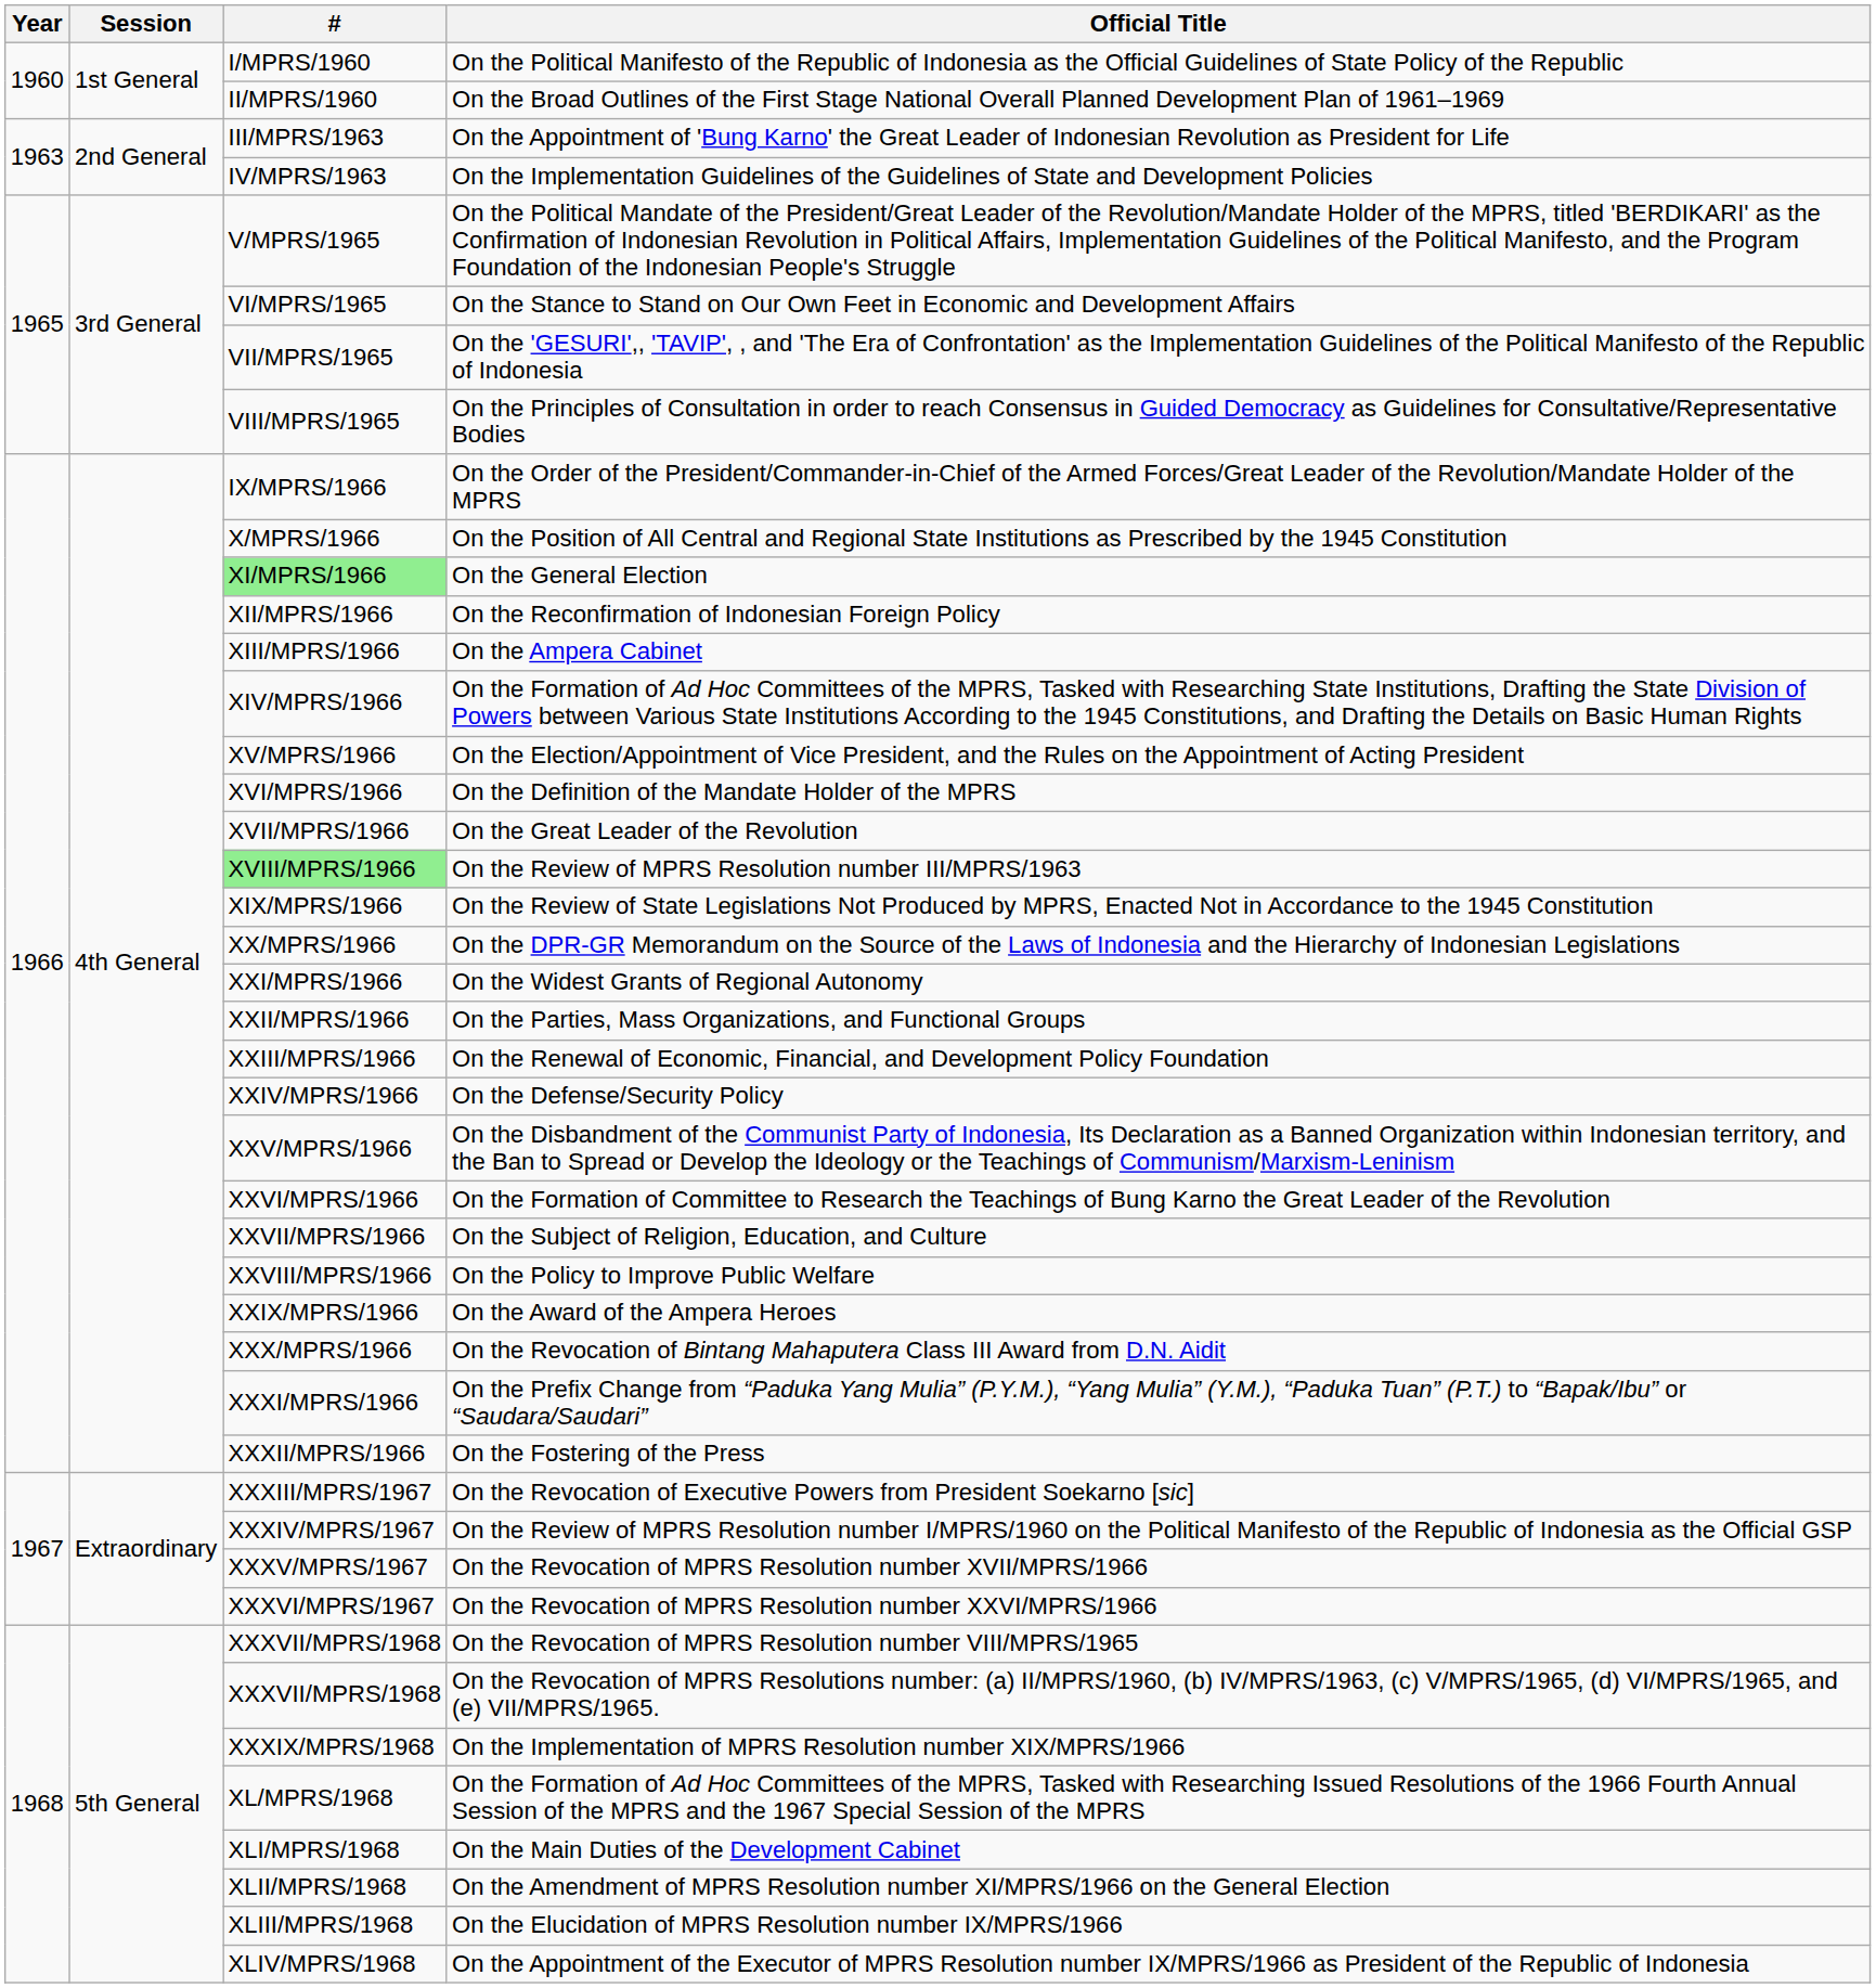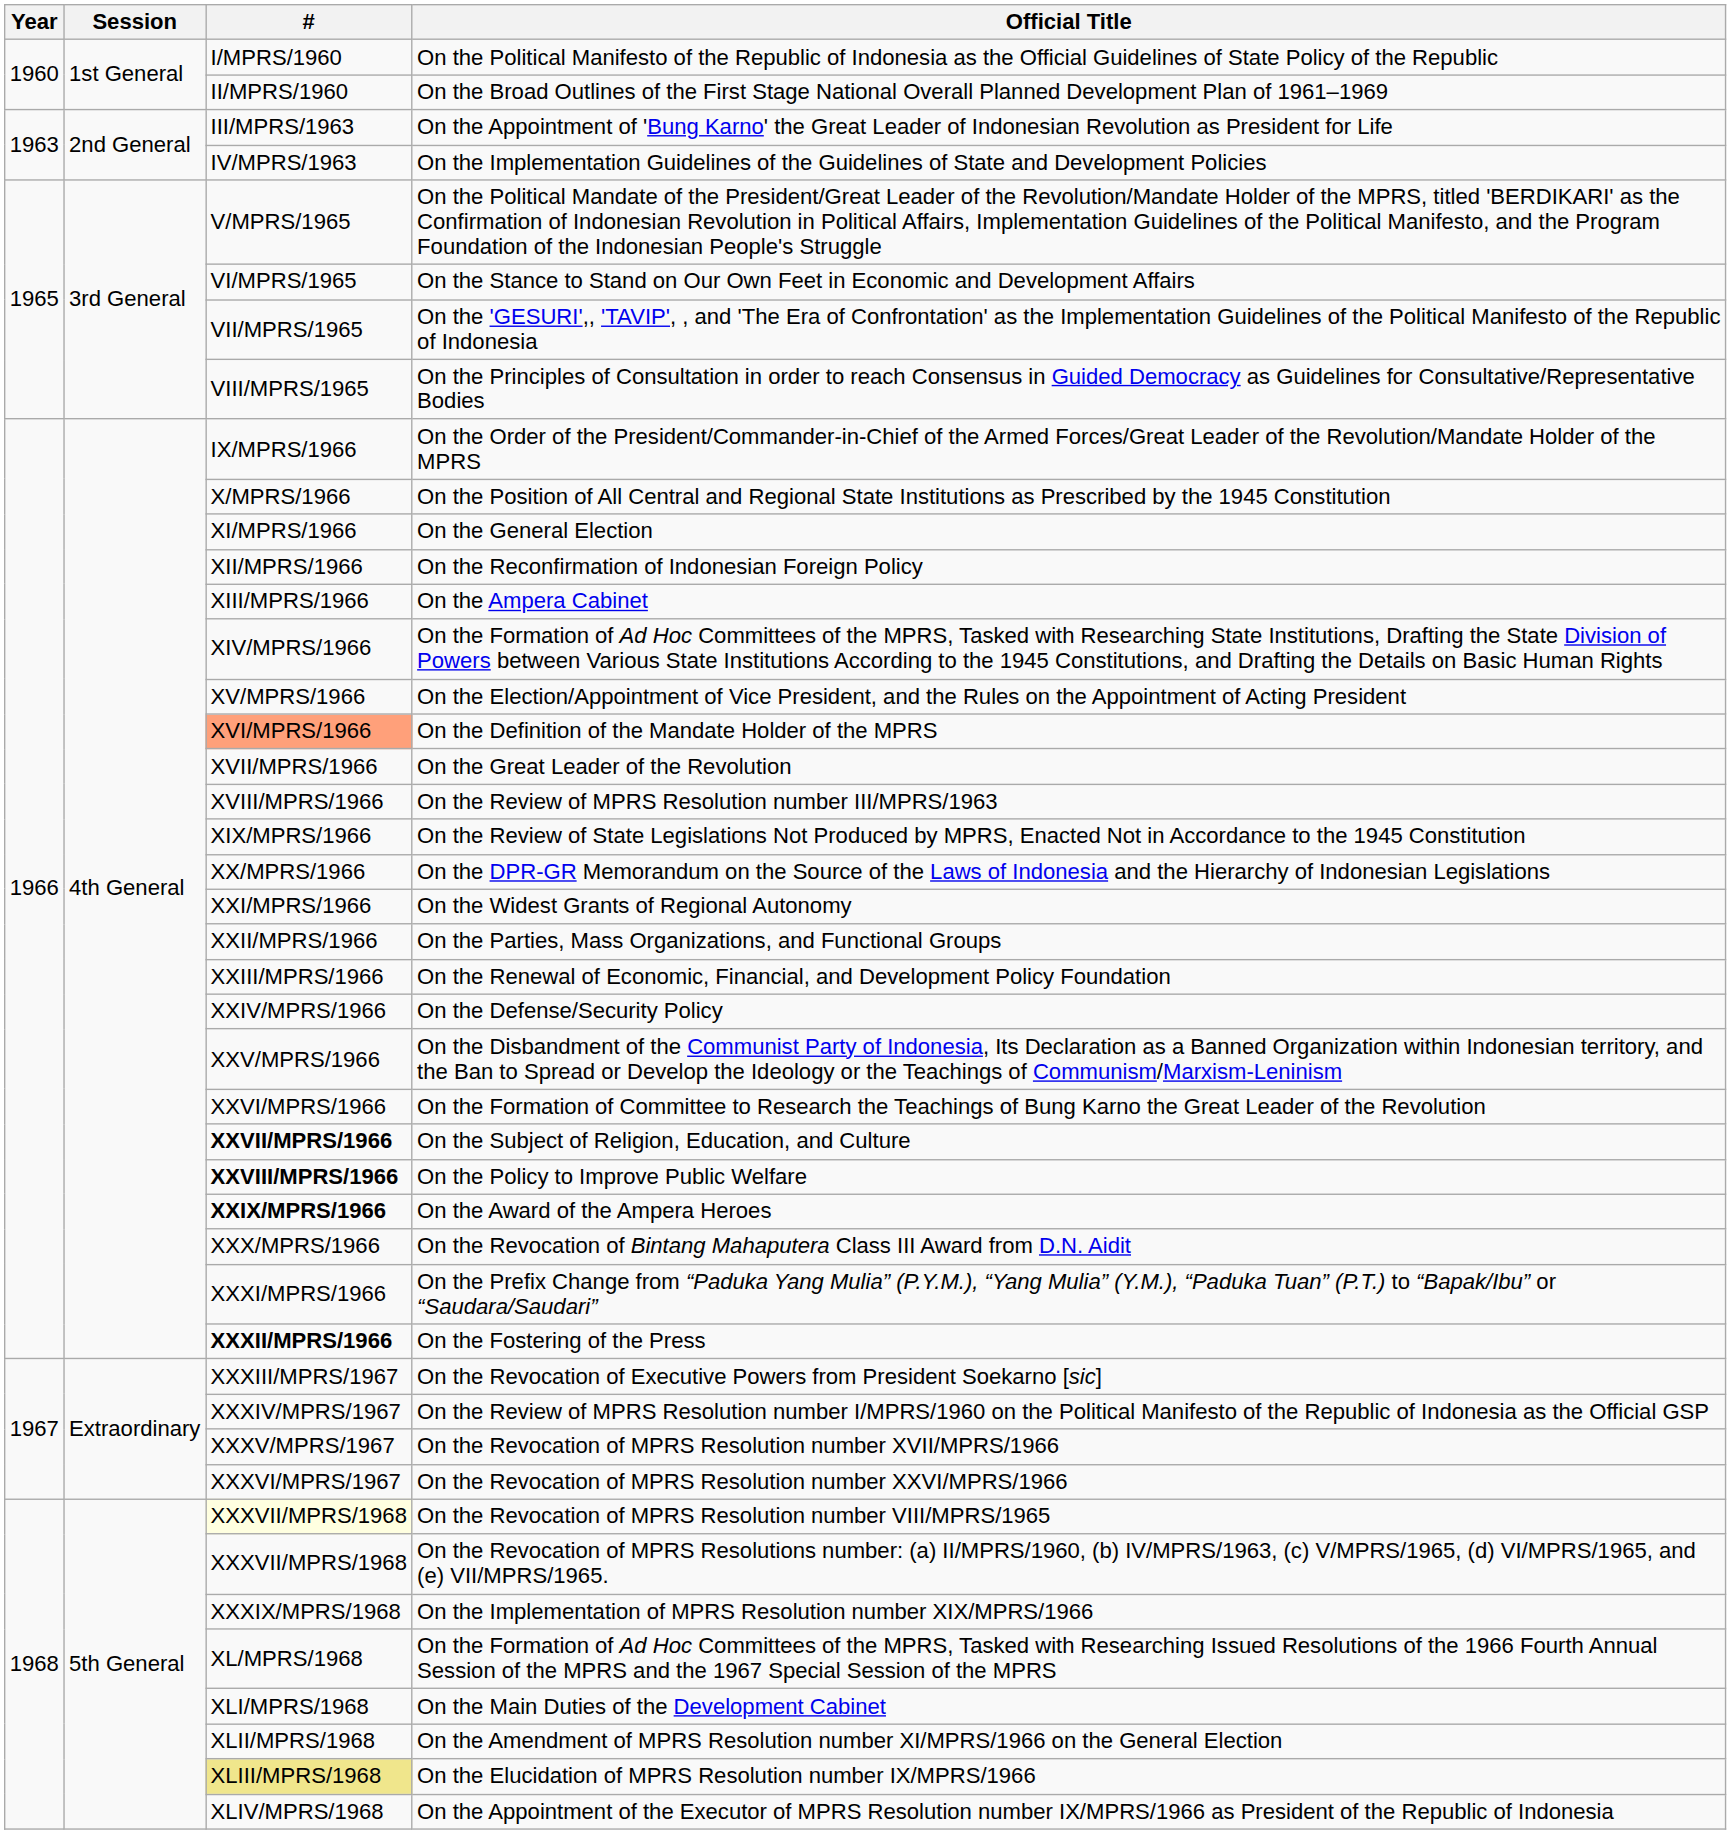 <table class="wikitable">
 <tr>
 <th>Year</th>
 <th>Session</th>
 <th>#</th>
 <th>Official Title</th>
 </tr>
 <tr>
 <td rowspan="2">1960</td>
 <td rowspan="2">1st General</td>
 <td>I/MPRS/1960</td>
 <td>On the Political Manifesto of the Republic of Indonesia as the Official Guidelines of State Policy of the Republic</td>
 </tr>
 <tr>
 <td>II/MPRS/1960</td>
 <td>On the Broad Outlines of the First Stage National Overall Planned Development Plan of 1961–1969</td>
 </tr>
 <tr>
 <td rowspan="2">1963</td>
 <td rowspan="2">2nd General</td>
 <td>III/MPRS/1963</td>
 <td>On the Appointment of '<a href='#'>Bung Karno</a>' the Great Leader of Indonesian Revolution as President for Life</td>
 </tr>
 <tr>
 <td>IV/MPRS/1963</td>
 <td>On the Implementation Guidelines of the Guidelines of State and Development Policies</td>
 </tr>
 <tr>
 <td rowspan="4">1965</td>
 <td rowspan="4">3rd General</td>
 <td>V/MPRS/1965</td>
 <td>On the Political Mandate of the President/Great Leader of the Revolution/Mandate Holder of the MPRS, titled 'BERDIKARI' as the Confirmation of Indonesian Revolution in Political Affairs, Implementation Guidelines of the Political Manifesto, and the Program Foundation of the Indonesian People's Struggle</td>
 </tr>
 <tr>
 <td>VI/MPRS/1965</td>
 <td>On the Stance to Stand on Our Own Feet in Economic and Development Affairs</td>
 </tr>
 <tr>
 <td>VII/MPRS/1965</td>
 <td>On the <a href='#'>'GESURI'</a>,, <a href='#'>'TAVIP'</a>, , and 'The Era of Confrontation' as the Implementation Guidelines of the Political Manifesto of the Republic of Indonesia</td>
 </tr>
 <tr>
 <td>VIII/MPRS/1965</td>
 <td>On the Principles of Consultation in order to reach Consensus in <a href='#'>Guided Democracy</a> as Guidelines for Consultative/Representative Bodies</td>
 </tr>
 <tr>
 <td rowspan="24">1966</td>
 <td rowspan="24">4th General</td>
 <td>IX/MPRS/1966</td>
 <td>On the Order of the President/Commander-in-Chief of the Armed Forces/Great Leader of the Revolution/Mandate Holder of the MPRS</td>
 </tr>
 <tr>
 <td>X/MPRS/1966</td>
 <td>On the Position of All Central and Regional State Institutions as Prescribed by the 1945 Constitution</td>
 </tr>
 <tr>
-<td style="background: lightgreen;">XI/MPRS/1966</td>
+<td>XI/MPRS/1966</td>
 <td>On the General Election</td>
 </tr>
 <tr>
 <td>XII/MPRS/1966</td>
 <td>On the Reconfirmation of Indonesian Foreign Policy</td>
 </tr>
 <tr>
 <td>XIII/MPRS/1966</td>
 <td>On the <a href='#'>Ampera Cabinet</a></td>
 </tr>
 <tr>
 <td>XIV/MPRS/1966</td>
 <td>On the Formation of <em>Ad Hoc</em> Committees of the MPRS, Tasked with Researching State Institutions, Drafting the State <a href='#'>Division of Powers</a> between Various State Institutions According to the 1945 Constitutions, and Drafting the Details on Basic Human Rights</td>
 </tr>
 <tr>
 <td>XV/MPRS/1966</td>
 <td>On the Election/Appointment of Vice President, and the Rules on the Appointment of Acting President</td>
 </tr>
 <tr>
-<td>XVI/MPRS/1966</td>
+<td style="background: lightsalmon;">XVI/MPRS/1966</td>
 <td>On the Definition of the Mandate Holder of the MPRS</td>
 </tr>
 <tr>
 <td>XVII/MPRS/1966</td>
 <td>On the Great Leader of the Revolution</td>
 </tr>
 <tr>
-<td style="background: lightgreen;">XVIII/MPRS/1966</td>
+<td>XVIII/MPRS/1966</td>
 <td>On the Review of MPRS Resolution number III/MPRS/1963</td>
 </tr>
 <tr>
 <td>XIX/MPRS/1966</td>
 <td>On the Review of State Legislations Not Produced by MPRS, Enacted Not in Accordance to the 1945 Constitution</td>
 </tr>
 <tr>
 <td>XX/MPRS/1966</td>
 <td>On the <a href='#'>DPR-GR</a> Memorandum on the Source of the <a href='#'>Laws of Indonesia</a> and the Hierarchy of Indonesian Legislations</td>
 </tr>
 <tr>
 <td>XXI/MPRS/1966</td>
 <td>On the Widest Grants of Regional Autonomy</td>
 </tr>
 <tr>
 <td>XXII/MPRS/1966</td>
 <td>On the Parties, Mass Organizations, and Functional Groups</td>
 </tr>
 <tr>
 <td>XXIII/MPRS/1966</td>
 <td>On the Renewal of Economic, Financial, and Development Policy Foundation</td>
 </tr>
 <tr>
 <td>XXIV/MPRS/1966</td>
 <td>On the Defense/Security Policy</td>
 </tr>
 <tr>
 <td>XXV/MPRS/1966</td>
 <td>On the Disbandment of the <a href='#'>Communist Party of Indonesia</a>, Its Declaration as a Banned Organization within Indonesian territory, and the Ban to Spread or Develop the Ideology or the Teachings of <a href='#'>Communism</a>/<a href='#'>Marxism-Leninism</a></td>
 </tr>
 <tr>
 <td>XXVI/MPRS/1966</td>
 <td>On the Formation of Committee to Research the Teachings of Bung Karno the Great Leader of the Revolution</td>
 </tr>
 <tr>
-<td>XXVII/MPRS/1966</td>
+<td><strong>XXVII/MPRS/1966</strong></td>
 <td>On the Subject of Religion, Education, and Culture</td>
 </tr>
 <tr>
-<td>XXVIII/MPRS/1966</td>
+<td><strong>XXVIII/MPRS/1966</strong></td>
 <td>On the Policy to Improve Public Welfare</td>
 </tr>
 <tr>
-<td>XXIX/MPRS/1966</td>
+<td><strong>XXIX/MPRS/1966</strong></td>
 <td>On the Award of the Ampera Heroes</td>
 </tr>
 <tr>
 <td>XXX/MPRS/1966</td>
 <td>On the Revocation of <em>Bintang Mahaputera</em> Class III Award from <a href='#'>D.N. Aidit</a></td>
 </tr>
 <tr>
 <td>XXXI/MPRS/1966</td>
 <td>On the Prefix Change from <em>“Paduka Yang Mulia” (P.Y.M.), “Yang Mulia” (Y.M.), “Paduka Tuan” (P.T.)</em> to <em>“Bapak/Ibu”</em> or <em>“Saudara/Saudari”</em></td>
 </tr>
 <tr>
-<td>XXXII/MPRS/1966</td>
+<td><strong>XXXII/MPRS/1966</strong></td>
 <td>On the Fostering of the Press</td>
 </tr>
 <tr>
 <td rowspan="4">1967</td>
 <td rowspan="4">Extraordinary</td>
 <td>XXXIII/MPRS/1967</td>
 <td>On the Revocation of Executive Powers from President Soekarno [<em>sic</em>]</td>
 </tr>
 <tr>
 <td>XXXIV/MPRS/1967</td>
 <td>On the Review of MPRS Resolution number I/MPRS/1960 on the Political Manifesto of the Republic of Indonesia as the Official GSP</td>
 </tr>
 <tr>
 <td>XXXV/MPRS/1967</td>
 <td>On the Revocation of MPRS Resolution number XVII/MPRS/1966</td>
 </tr>
 <tr>
 <td>XXXVI/MPRS/1967</td>
 <td>On the Revocation of MPRS Resolution number XXVI/MPRS/1966</td>
 </tr>
 <tr>
 <td rowspan="8">1968</td>
 <td rowspan="8">5th General</td>
-<td>XXXVII/MPRS/1968</td>
+<td style="background: lightyellow;">XXXVII/MPRS/1968</td>
 <td>On the Revocation of MPRS Resolution number VIII/MPRS/1965</td>
 </tr>
 <tr>
 <td>XXXVII/MPRS/1968</td>
 <td>On the Revocation of MPRS Resolutions number: (a) II/MPRS/1960, (b) IV/MPRS/1963, (c) V/MPRS/1965, (d) VI/MPRS/1965, and (e) VII/MPRS/1965.</td>
 </tr>
 <tr>
 <td>XXXIX/MPRS/1968</td>
 <td>On the Implementation of MPRS Resolution number XIX/MPRS/1966</td>
 </tr>
 <tr>
 <td>XL/MPRS/1968</td>
 <td>On the Formation of <em>Ad Hoc</em> Committees of the MPRS, Tasked with Researching Issued Resolutions of the 1966 Fourth Annual Session of the MPRS and the 1967 Special Session of the MPRS</td>
 </tr>
 <tr>
 <td>XLI/MPRS/1968</td>
 <td>On the Main Duties of the <a href='#'>Development Cabinet</a></td>
 </tr>
 <tr>
 <td>XLII/MPRS/1968</td>
 <td>On the Amendment of MPRS Resolution number XI/MPRS/1966 on the General Election</td>
 </tr>
 <tr>
-<td>XLIII/MPRS/1968</td>
+<td style="background: khaki;">XLIII/MPRS/1968</td>
 <td>On the Elucidation of MPRS Resolution number IX/MPRS/1966</td>
 </tr>
 <tr>
 <td>XLIV/MPRS/1968</td>
 <td>On the Appointment of the Executor of MPRS Resolution number IX/MPRS/1966 as President of the Republic of Indonesia</td>
 </tr>
 </table>
